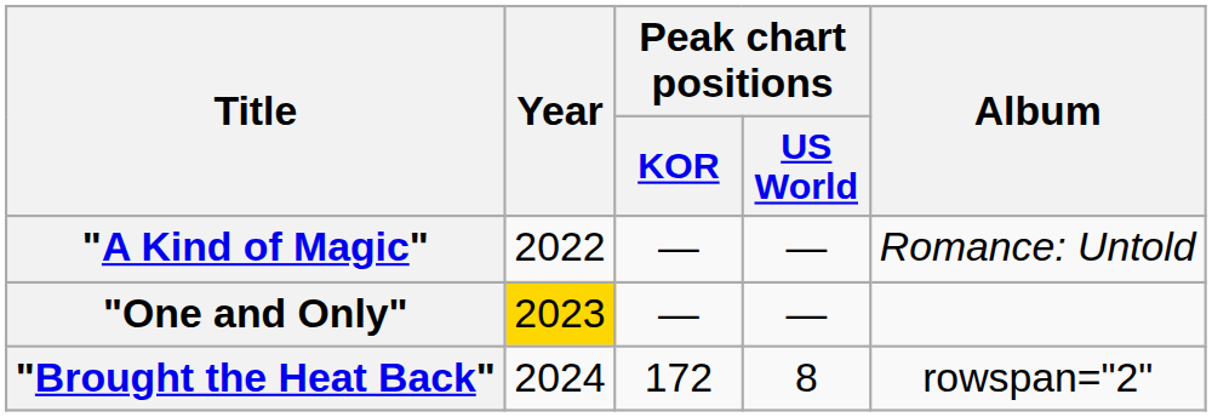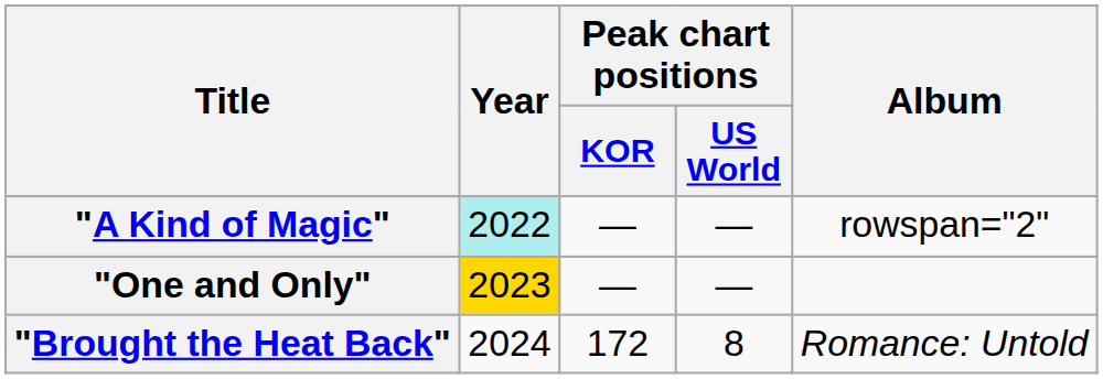 <table class="wikitable plainrowheaders" style="text-align:center;">
 <tr>
 <th scope="col" rowspan="2">Title</th>
 <th scope="col" rowspan="2">Year</th>
 <th scope="col" colspan="2">Peak chart positions</th>
 <th scope="col" rowspan="2">Album</th>
 </tr>
 <tr>
 <th scope="col" style="width:3em;font-size:90%;"><a href='#'>KOR</a><br></th>
 <th scope="col" style="width:3em;font-size:90%;"><a href='#'>US<br>World</a><br></th>
 </tr>
 <tr>
 <th scope="row">"<a href='#'>A Kind of Magic</a>"</th>
-<td>2022</td>
+<td style="background: paleturquoise;">2022</td>
 <td>—</td>
 <td>—</td>
-<td><em>Romance: Untold</em></td>
+<td>rowspan="2" </td>
 </tr>
 <tr>
 <th scope="row">"One and Only"</th>
 <td style="background: gold;">2023</td>
 <td>—</td>
 <td>—</td>
 </tr>
 <tr>
 <th scope="row">"<a href='#'>Brought the Heat Back</a>"<br></th>
 <td>2024</td>
 <td>172</td>
 <td>8</td>
-<td>rowspan="2" </td>
+<td><em>Romance: Untold</em></td>
 </tr>
 </table>
